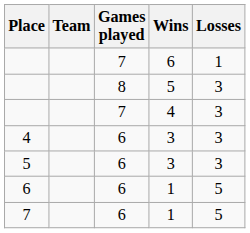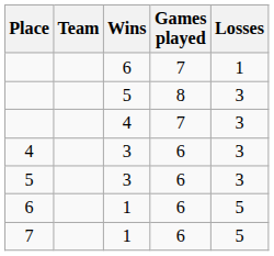 <table class="wikitable" style="text-align:center;">
 <tr>
 <th>Place</th>
 <th>Team</th>
+<th>Wins</th>
 <th>Games<br>played</th>
-<th>Wins</th>
 <th>Losses</th>
 </tr>
 <tr>
 <td></td>
 <td align=left></td>
+<td>6</td>
 <td>7</td>
-<td>6</td>
 <td>1</td>
 </tr>
 <tr>
 <td></td>
 <td align=left></td>
+<td>5</td>
 <td>8</td>
-<td>5</td>
 <td>3</td>
 </tr>
 <tr>
 <td></td>
 <td align=left></td>
+<td>4</td>
 <td>7</td>
-<td>4</td>
 <td>3</td>
 </tr>
 <tr>
 <td>4</td>
 <td align=left></td>
+<td>3</td>
 <td>6</td>
-<td>3</td>
 <td>3</td>
 </tr>
 <tr>
 <td>5</td>
 <td align=left></td>
+<td>3</td>
 <td>6</td>
-<td>3</td>
 <td>3</td>
 </tr>
 <tr>
 <td>6</td>
 <td align=left></td>
+<td>1</td>
 <td>6</td>
-<td>1</td>
 <td>5</td>
 </tr>
 <tr>
 <td>7</td>
 <td align=left></td>
+<td>1</td>
 <td>6</td>
-<td>1</td>
 <td>5</td>
 </tr>
 </table>
